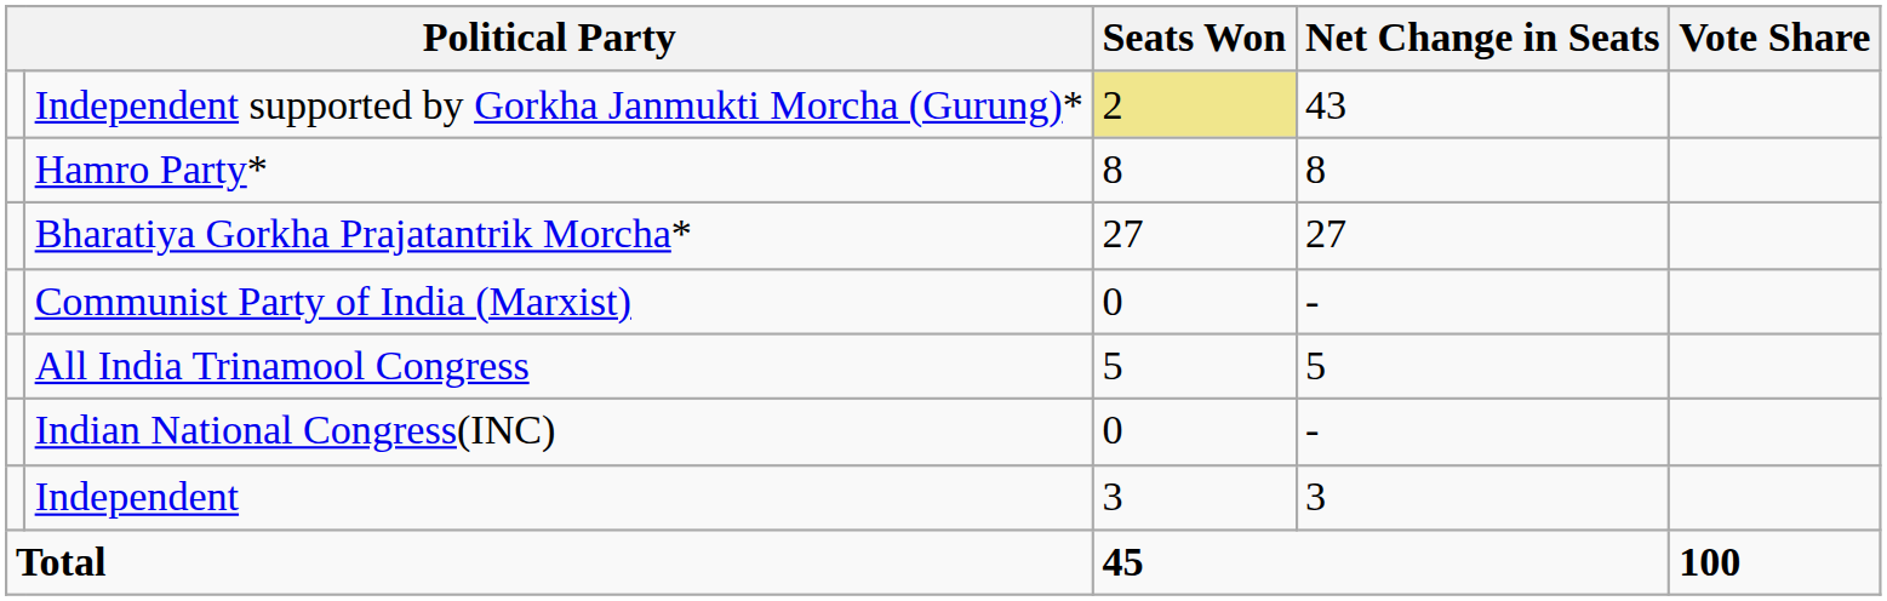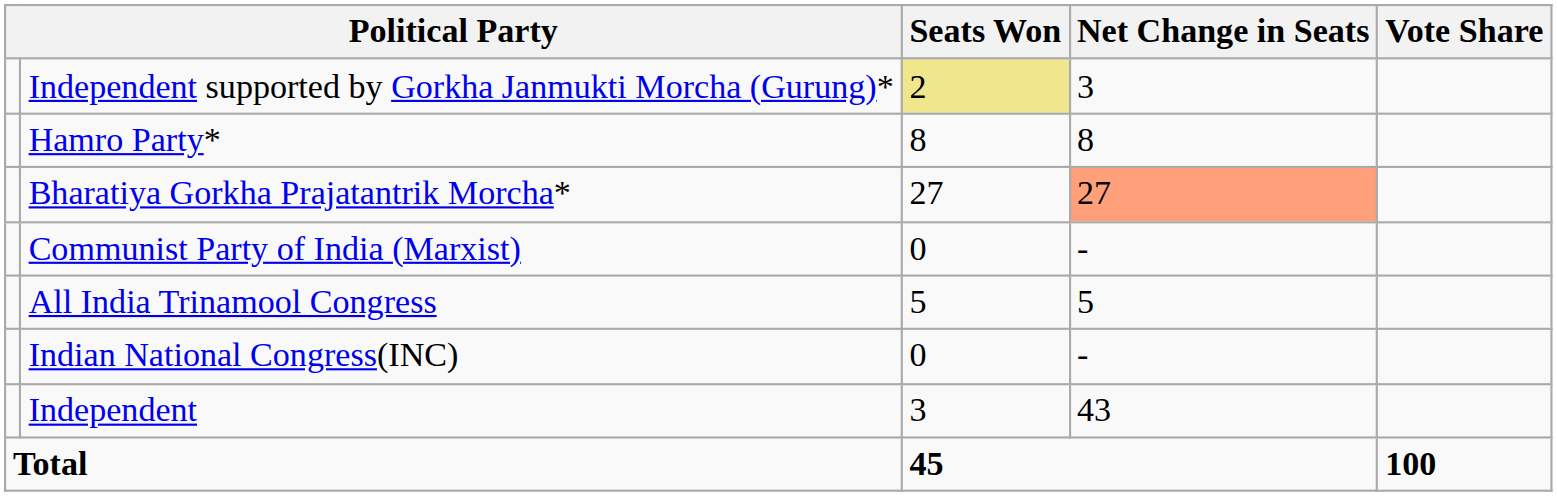 <table class="wikitable">
 <tr>
 <th colspan="2"><strong>Political Party</strong></th>
 <th><strong>Seats Won</strong></th>
 <th><strong>Net Change in Seats</strong></th>
 <th><strong>Vote Share</strong></th>
 </tr>
 <tr>
 <td></td>
 <td><a href='#'>Independent</a> supported by <a href='#'>Gorkha Janmukti Morcha (Gurung)</a>*</td>
 <td style="background: khaki;">2</td>
-<td>43 </td>
+<td>3 </td>
 <td></td>
 </tr>
 <tr>
 <td></td>
 <td><a href='#'>Hamro Party</a>*</td>
 <td>8</td>
 <td>8 </td>
 <td></td>
 </tr>
 <tr>
 <td></td>
 <td><a href='#'>Bharatiya Gorkha Prajatantrik Morcha</a>*</td>
 <td>27</td>
-<td>27 </td>
+<td style="background: lightsalmon;">27 </td>
 <td></td>
 </tr>
 <tr>
 <td></td>
 <td><a href='#'>Communist Party of India (Marxist)</a></td>
 <td>0</td>
 <td>-</td>
 <td></td>
 </tr>
 <tr>
 <td></td>
 <td><a href='#'>All India Trinamool Congress</a></td>
 <td>5</td>
 <td>5 </td>
 <td></td>
 </tr>
 <tr>
 <td></td>
 <td><a href='#'>Indian National Congress</a>(INC)</td>
 <td>0</td>
 <td>-</td>
 <td></td>
 </tr>
 <tr>
 <td></td>
 <td><a href='#'>Independent</a></td>
 <td>3</td>
-<td>3 </td>
+<td>43 </td>
 <td></td>
 </tr>
 <tr>
 <td colspan="2"><strong>Total</strong></td>
 <td colspan="2"><strong>45</strong></td>
 <td><strong>100</strong></td>
 </tr>
 </table>
